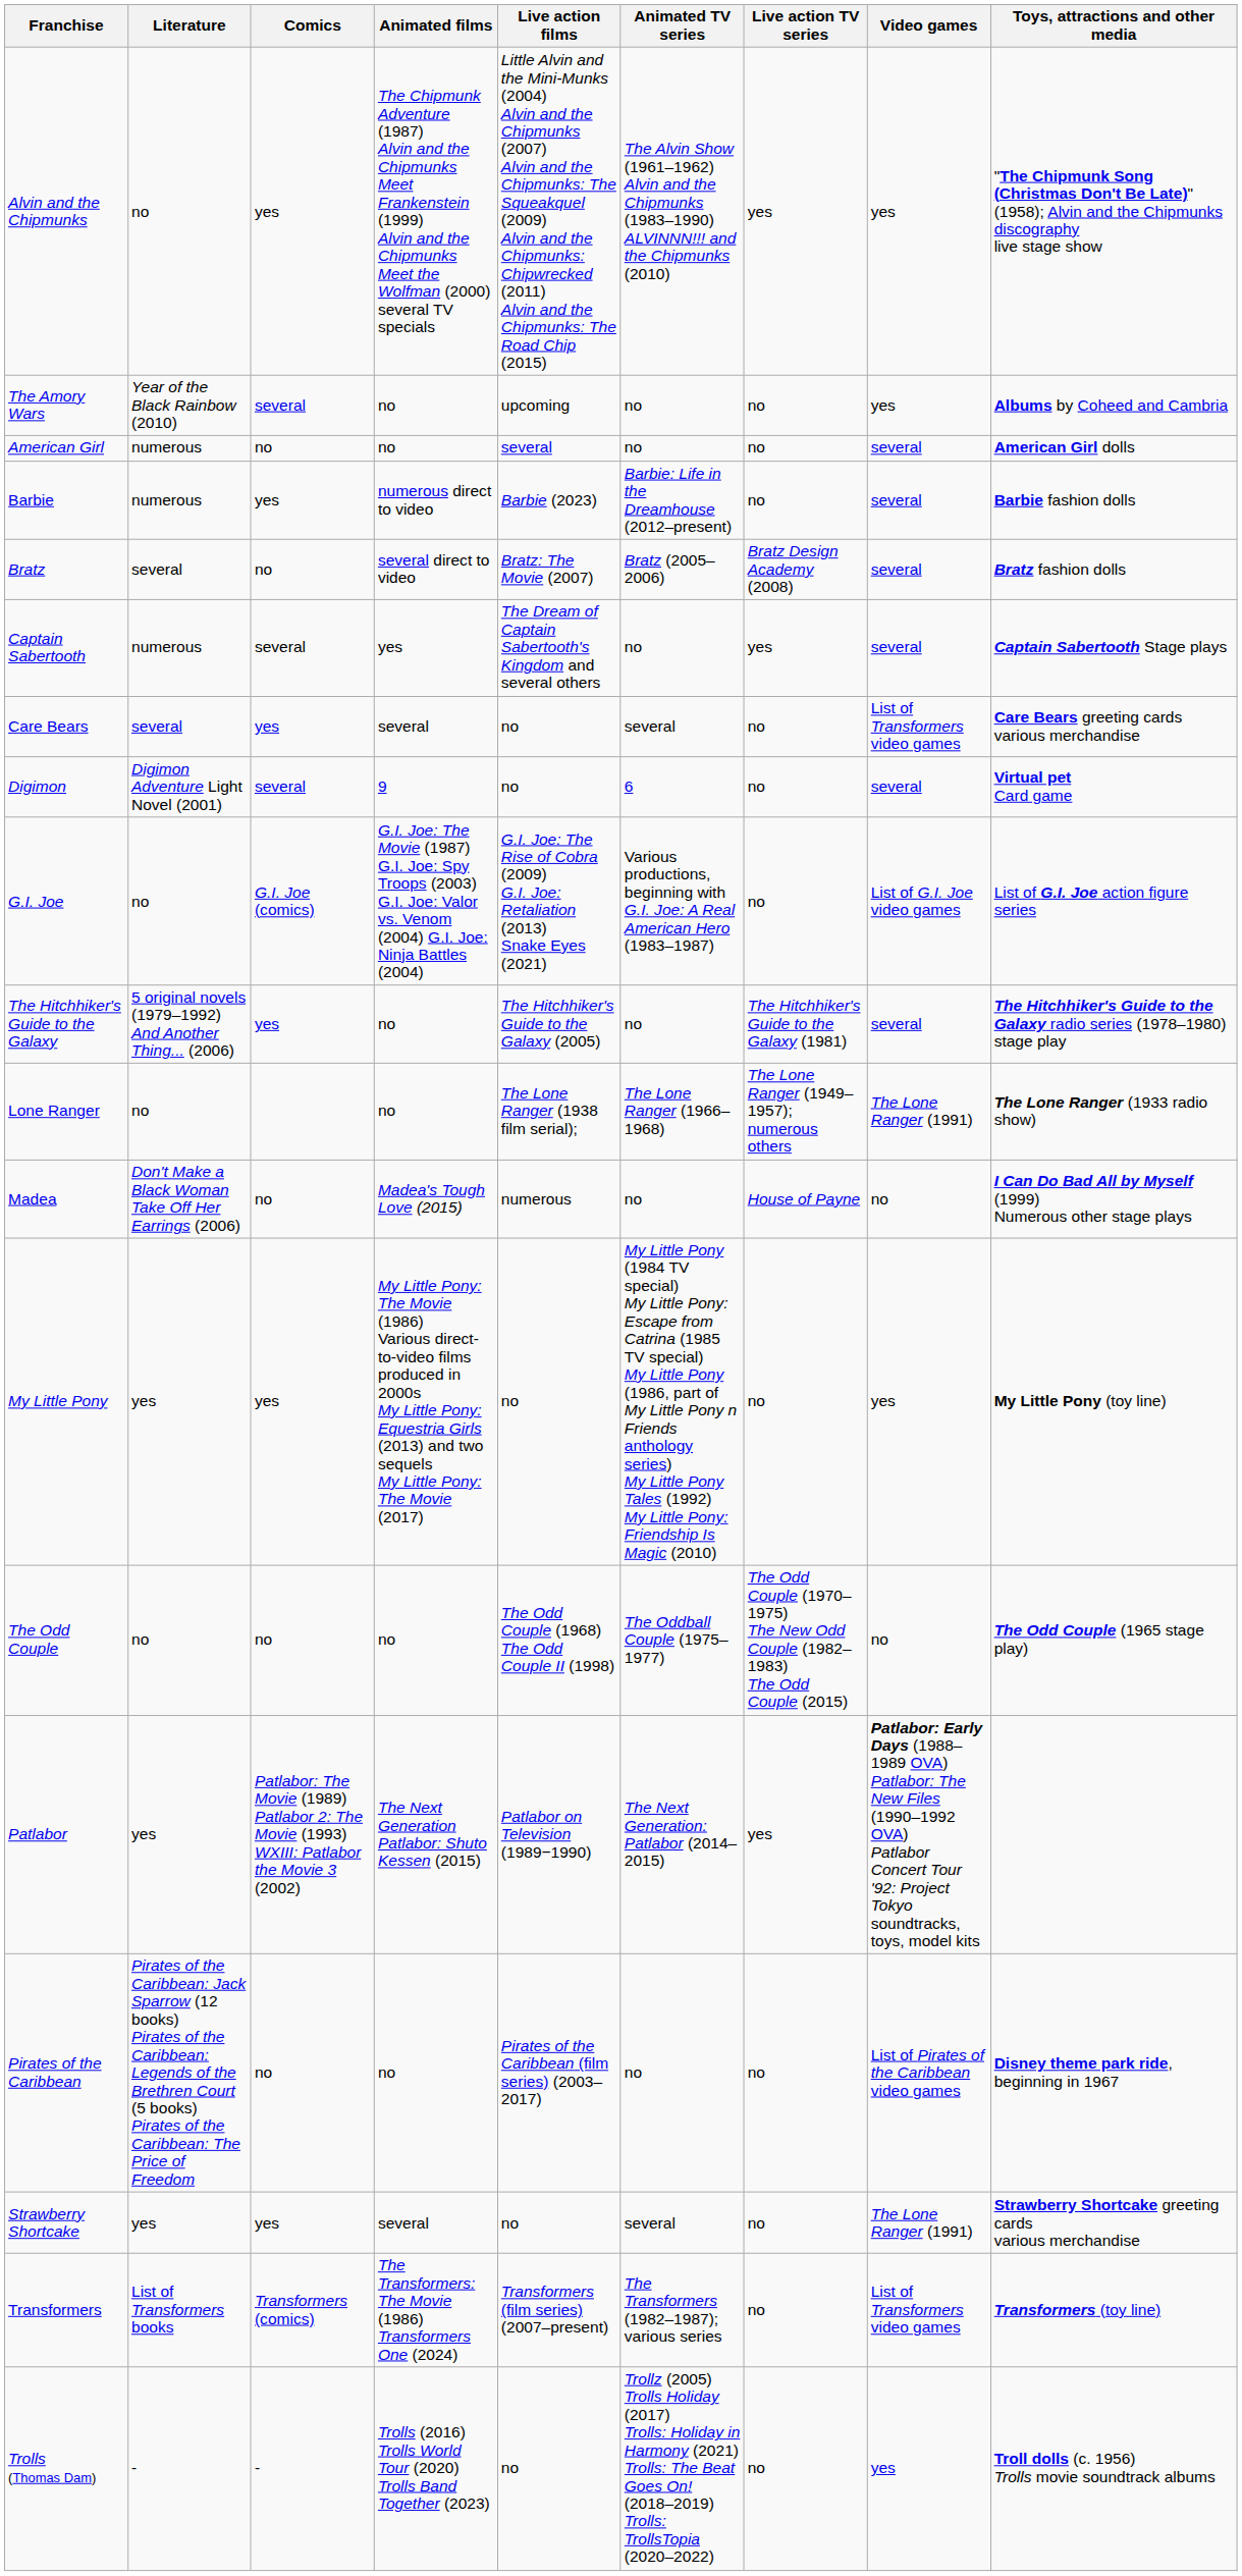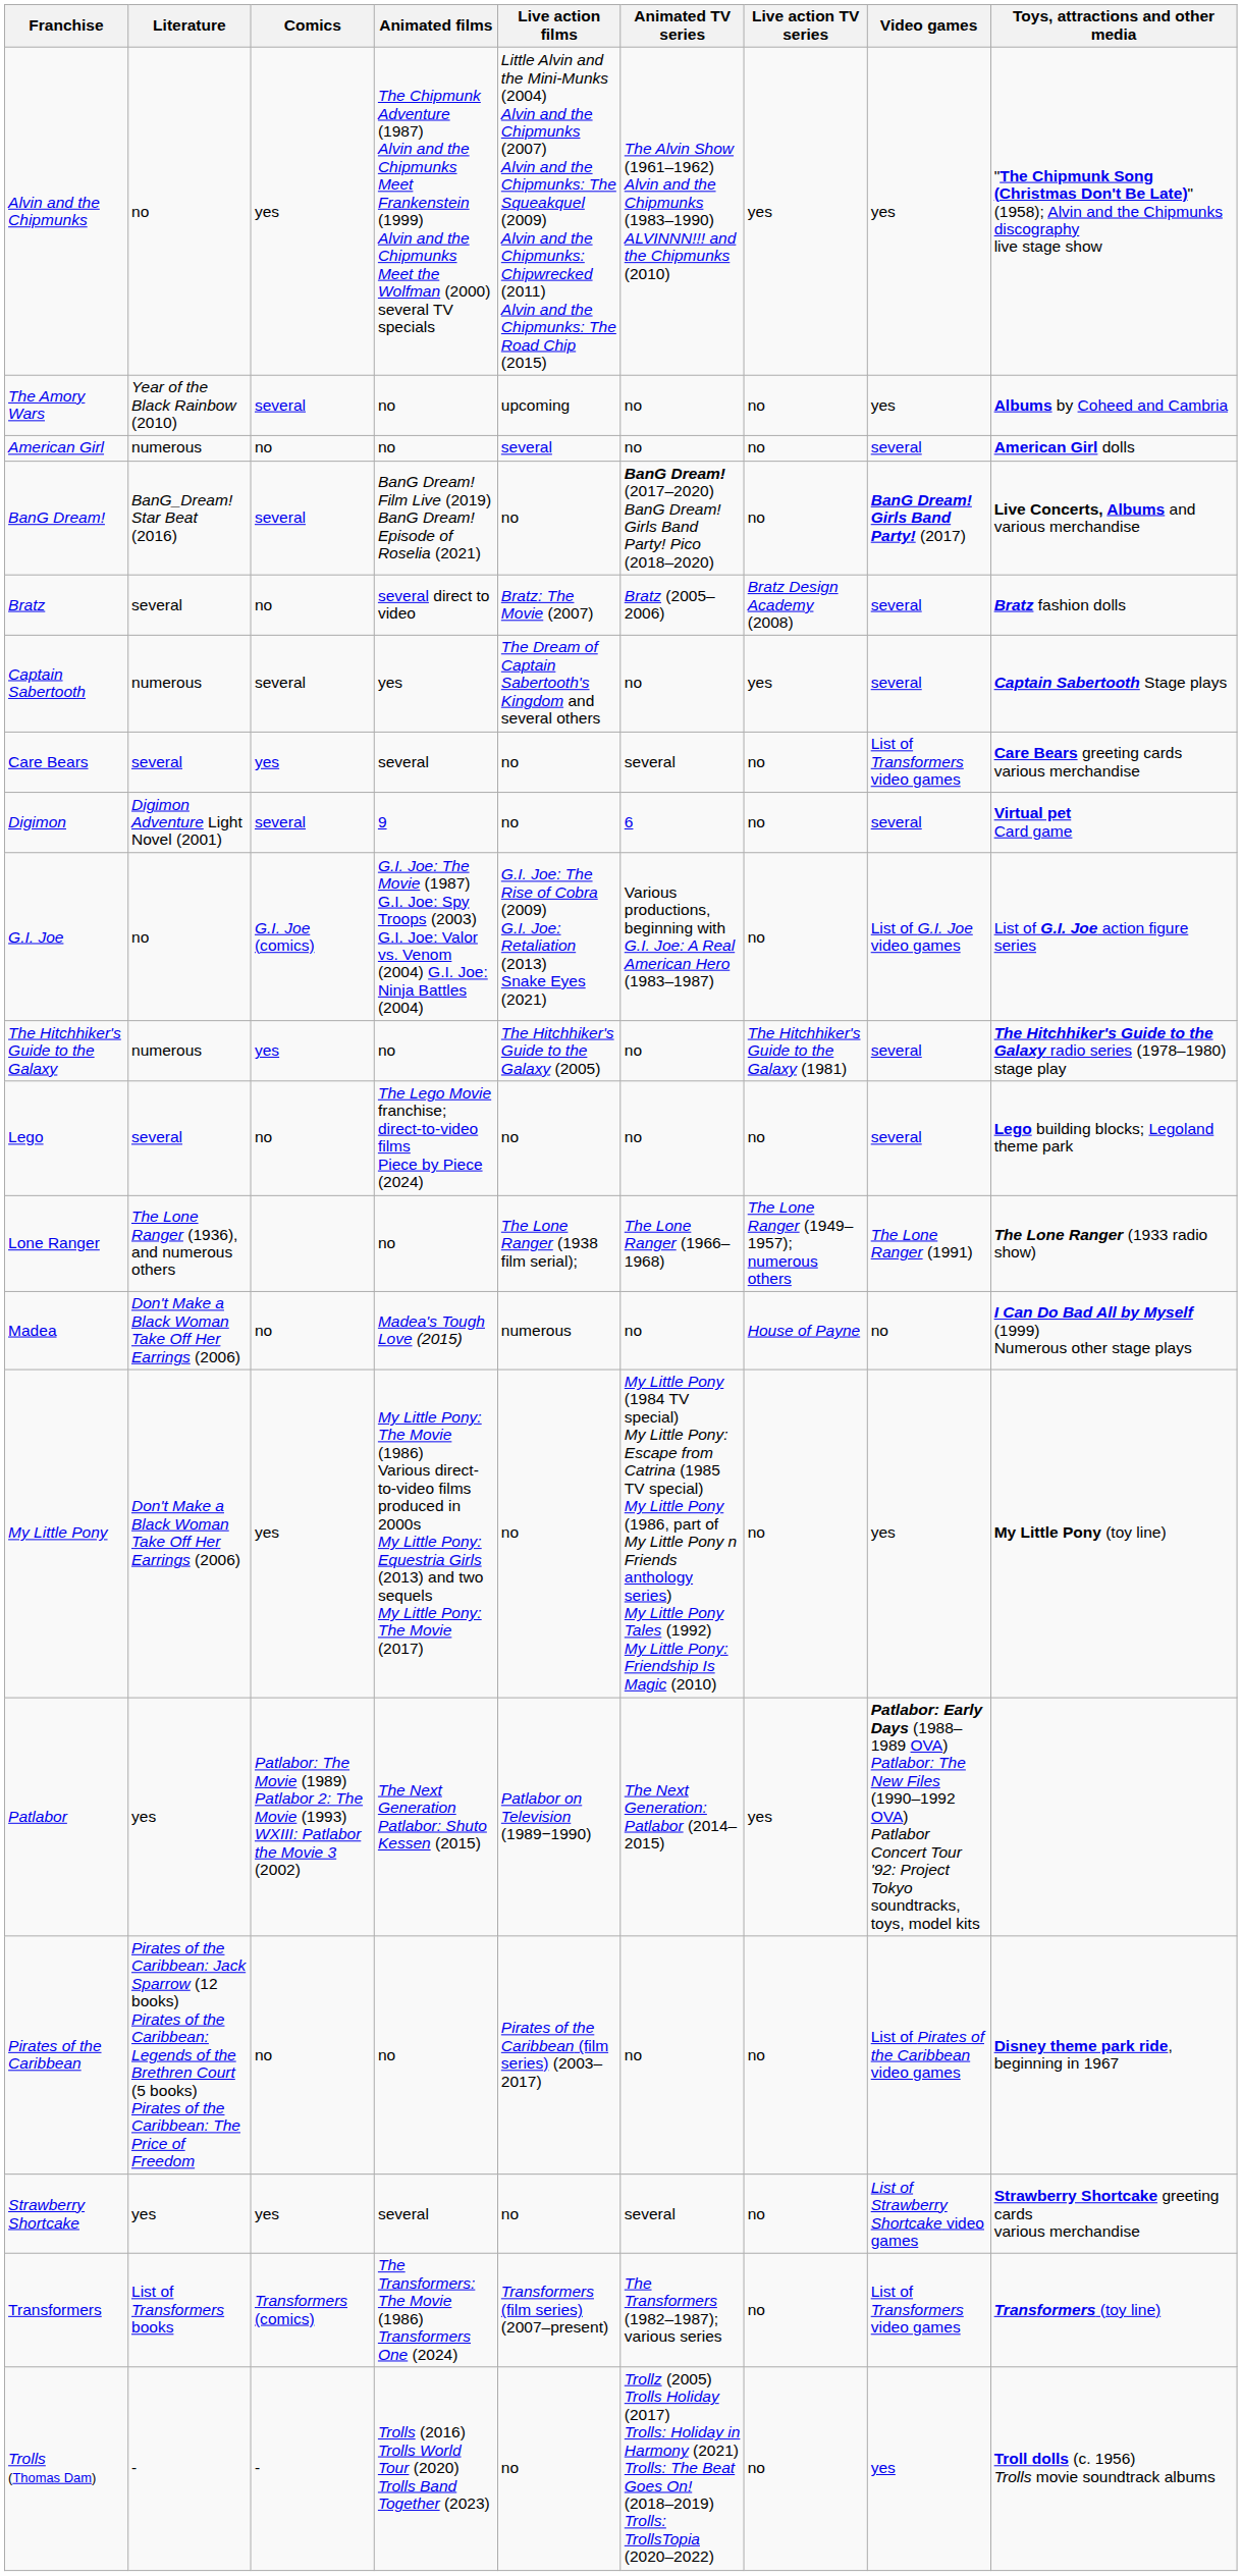 <table class="wikitable sortable plainrowheaders">
 <tr>
 <th scope="col" style="width:10%;">Franchise <br> </th>
 <th scope="col" style="width:10%;">Literature</th>
 <th scope="col" style="width:10%;">Comics</th>
 <th scope="col" style="width:10%;">Animated films</th>
 <th scope="col" style="width:10%;">Live action films</th>
 <th scope="col" style="width:10%;">Animated TV series</th>
 <th scope="col" style="width:10%;">Live action TV series</th>
 <th scope="col" style="width:10%;">Video games</th>
 <th scope="col" style="width:20%;">Toys, attractions and other media</th>
 </tr>
 <tr>
 <td scope="row"><em><a href='#'>Alvin and the Chipmunks</a></em> <br> </td>
 <td>no</td>
 <td>yes</td>
 <td><em><a href='#'>The Chipmunk Adventure</a></em> (1987) <br> <em><a href='#'>Alvin and the Chipmunks Meet Frankenstein</a></em> (1999) <br> <em><a href='#'>Alvin and the Chipmunks Meet the Wolfman</a></em> (2000) <br> several TV specials</td>
 <td><em>Little Alvin and the Mini-Munks</em> (2004) <br> <em><a href='#'>Alvin and the Chipmunks</a></em> (2007) <br> <em><a href='#'>Alvin and the Chipmunks: The Squeakquel</a></em> (2009) <br> <em><a href='#'>Alvin and the Chipmunks: Chipwrecked</a></em> (2011) <br> <em><a href='#'>Alvin and the Chipmunks: The Road Chip</a></em> (2015)</td>
 <td><em><a href='#'>The Alvin Show</a></em> (1961–1962) <br> <em><a href='#'>Alvin and the Chipmunks</a></em> (1983–1990) <br> <em><a href='#'>ALVINNN!!! and the Chipmunks</a></em> (2010)</td>
 <td>yes</td>
 <td>yes</td>
 <td>"<strong><a href='#'>The Chipmunk Song (Christmas Don't Be Late)</a></strong>" (1958); <a href='#'>Alvin and the Chipmunks discography</a> <br> live stage show</td>
 </tr>
 <tr>
 <td scope="row"><em><a href='#'>The Amory Wars</a></em> <br> </td>
 <td><em>Year of the Black Rainbow</em> (2010)</td>
 <td><a href='#'>several</a></td>
 <td>no</td>
 <td>upcoming</td>
 <td>no</td>
 <td>no</td>
 <td>yes</td>
 <td><strong><a href='#'>Albums</a></strong> by <a href='#'>Coheed and Cambria</a></td>
 </tr>
 <tr>
 <td scope="row"><em><a href='#'>American Girl</a></em> <br> </td>
 <td>numerous</td>
 <td>no</td>
 <td>no</td>
 <td><a href='#'>several</a></td>
 <td>no</td>
 <td>no</td>
 <td><a href='#'>several</a></td>
 <td><strong><a href='#'>American Girl</a></strong> dolls</td>
 </tr>
 <tr>
-<td scope="row"><a href='#'>Barbie</a> <br> </td>
-<td>numerous</td>
-<td>yes</td>
-<td><a href='#'>numerous</a> direct to video</td>
-<td><em><a href='#'>Barbie</a></em> (2023)</td>
-<td><em><a href='#'>Barbie: Life in the Dreamhouse</a></em> (2012–present)</td>
+<td scope="row"><em><a href='#'>BanG Dream!</a></em> <br> </td>
+<td><em>BanG_Dream! Star Beat</em> (2016)</td>
+<td><a href='#'>several</a></td>
+<td><em>BanG Dream! Film Live</em> (2019) <br> <em>BanG Dream! Episode of Roselia</em> (2021)</td>
 <td>no</td>
-<td><a href='#'>several</a></td>
-<td><strong><a href='#'>Barbie</a></strong> fashion dolls</td>
+<td><strong><em>BanG Dream!</em></strong> (2017–2020) <br> <em>BanG Dream! Girls Band Party! Pico</em> (2018–2020)</td>
+<td>no</td>
+<td><strong><em><a href='#'>BanG Dream! Girls Band Party!</a></em></strong> (2017)</td>
+<td><strong>Live Concerts, <a href='#'>Albums</a></strong> and various merchandise</td>
 </tr>
 <tr>
 <td scope="row"><em><a href='#'>Bratz</a></em> <br> </td>
 <td>several</td>
 <td>no</td>
 <td><a href='#'>several</a> direct to video</td>
 <td><em><a href='#'>Bratz: The Movie</a></em> (2007)</td>
 <td><em><a href='#'>Bratz</a></em> (2005–2006)</td>
 <td><em><a href='#'>Bratz Design Academy</a></em> (2008)</td>
 <td><a href='#'>several</a></td>
 <td><strong><em><a href='#'>Bratz</a></em></strong> fashion dolls</td>
 </tr>
 <tr>
 <td scope="row"><em><a href='#'>Captain Sabertooth</a></em> <br> </td>
 <td>numerous</td>
 <td>several</td>
 <td>yes</td>
 <td><em><a href='#'>The Dream of Captain Sabertooth's Kingdom</a></em> and several others</td>
 <td>no</td>
 <td>yes</td>
 <td><a href='#'>several</a></td>
 <td><strong><em><a href='#'>Captain Sabertooth</a></em></strong> Stage plays</td>
 </tr>
 <tr>
 <td scope="row"><a href='#'>Care Bears</a> <br> </td>
 <td><a href='#'>several</a></td>
 <td><a href='#'>yes</a></td>
 <td>several</td>
 <td>no</td>
 <td>several</td>
 <td>no</td>
 <td><a href='#'>List of <em>Transformers</em> video games</a></td>
 <td><strong><a href='#'>Care Bears</a></strong> greeting cards <br> various merchandise</td>
 </tr>
 <tr>
 <td scope="row"><em><a href='#'>Digimon</a></em> <br> </td>
 <td><em><a href='#'>Digimon Adventure</a></em> Light Novel (2001)</td>
 <td><a href='#'>several</a></td>
 <td><a href='#'>9</a></td>
 <td>no</td>
 <td><a href='#'>6</a></td>
 <td>no</td>
 <td><a href='#'>several</a></td>
 <td><strong><a href='#'>Virtual pet</a></strong> <br> <a href='#'>Card game</a></td>
 </tr>
 <tr>
 <td scope="row"><em><a href='#'>G.I. Joe</a></em> <br> </td>
 <td>no</td>
 <td><a href='#'><em>G.I. Joe</em> (comics)</a></td>
 <td><em><a href='#'>G.I. Joe: The Movie</a></em> (1987)<br><a href='#'>G.I. Joe: Spy Troops</a> (2003) <a href='#'>G.I. Joe: Valor vs. Venom</a> (2004) <a href='#'>G.I. Joe: Ninja Battles</a> (2004)</td>
 <td><em><a href='#'>G.I. Joe: The Rise of Cobra</a></em> (2009) <br> <em><a href='#'>G.I. Joe: Retaliation</a></em> (2013)<br><a href='#'>Snake Eyes</a> (2021)</td>
 <td>Various productions, beginning with <em><a href='#'>G.I. Joe: A Real American Hero</a></em> (1983–1987)</td>
 <td>no</td>
 <td><a href='#'>List of <em>G.I. Joe</em> video games</a></td>
 <td><a href='#'>List of <strong><em>G.I. Joe</em></strong> action figure series</a></td>
 </tr>
 <tr>
 <td scope="row"><em><a href='#'>The Hitchhiker's Guide to the Galaxy</a></em> <br> </td>
-<td><a href='#'>5 original novels</a> (1979–1992) <br> <em><a href='#'>And Another Thing...</a></em> (2006)</td>
+<td>numerous</td>
 <td><a href='#'>yes</a></td>
 <td>no</td>
 <td><em><a href='#'>The Hitchhiker's Guide to the Galaxy</a></em> (2005)</td>
 <td>no</td>
 <td><em><a href='#'>The Hitchhiker's Guide to the Galaxy</a></em> (1981)</td>
 <td><a href='#'>several</a></td>
 <td><a href='#'><strong><em>The Hitchhiker's Guide to the Galaxy</em></strong> radio series</a> (1978–1980) <br> stage play</td>
 </tr>
 <tr>
+<td scope="row"><a href='#'>Lego</a> <br> </td>
+<td><a href='#'>several</a></td>
+<td>no</td>
+<td><em><a href='#'>The Lego Movie</a></em> franchise; <a href='#'>direct-to-video films</a><br><a href='#'>Piece by Piece</a> (2024)</td>
+<td>no</td>
+<td>no</td>
+<td>no</td>
+<td><a href='#'>several</a></td>
+<td><strong><a href='#'>Lego</a></strong> building blocks; <a href='#'>Legoland</a> theme park</td>
+</tr>
+<tr>
 <td scope="row"><a href='#'>Lone Ranger</a> <br> </td>
-<td>no</td>
+<td><em><a href='#'>The Lone Ranger</a></em> (1936), and numerous others</td>
 <td></td>
 <td>no</td>
 <td><em><a href='#'>The Lone Ranger</a></em> (1938 film serial);</td>
 <td><em><a href='#'>The Lone Ranger</a></em> (1966–1968)</td>
 <td><em><a href='#'>The Lone Ranger</a></em> (1949–1957); <a href='#'>numerous others</a></td>
 <td><em><a href='#'>The Lone Ranger</a></em> (1991)</td>
 <td><strong><em>The Lone Ranger</em></strong> (1933 radio show)</td>
 </tr>
 <tr>
 <td scope="row"><a href='#'>Madea</a> <br> </td>
 <td><em><a href='#'>Don't Make a Black Woman Take Off Her Earrings</a></em> (2006)</td>
 <td>no</td>
 <td><em><a href='#'>Madea's Tough Love</a> (2015)</em></td>
 <td>numerous</td>
 <td>no</td>
 <td><em><a href='#'>House of Payne</a></em></td>
 <td>no</td>
 <td><strong><em><a href='#'>I Can Do Bad All by Myself</a></em></strong> (1999) <br> Numerous other stage plays</td>
 </tr>
 <tr>
 <td scope="row"><em><a href='#'>My Little Pony</a></em> <br> </td>
-<td>yes</td>
+<td><em><a href='#'>Don't Make a Black Woman Take Off Her Earrings</a></em> (2006)</td>
 <td>yes</td>
 <td><em><a href='#'>My Little Pony: The Movie</a></em> (1986) <br> Various direct-to-video films produced in 2000s <br> <em><a href='#'>My Little Pony: Equestria Girls</a></em> (2013) and two sequels <br> <em> <a href='#'>My Little Pony: The Movie</a></em> (2017)</td>
 <td>no</td>
 <td><em><a href='#'>My Little Pony</a></em> (1984 TV special) <br> <em>My Little Pony: Escape from Catrina</em> (1985 TV special) <br> <em><a href='#'>My Little Pony</a></em> (1986, part of <em>My Little Pony n Friends</em> <a href='#'>anthology series</a>) <br> <em><a href='#'>My Little Pony Tales</a></em> (1992) <br> <em><a href='#'>My Little Pony: Friendship Is Magic</a></em> (2010)</td>
 <td>no</td>
 <td>yes</td>
 <td><strong>My Little Pony</strong> (toy line)</td>
-</tr>
-<tr>
-<td scope="row"><em><a href='#'>The Odd Couple</a></em> <br> </td>
-<td>no</td>
-<td>no</td>
-<td>no</td>
-<td><em><a href='#'>The Odd Couple</a></em> (1968) <br> <em><a href='#'>The Odd Couple II</a></em> (1998)</td>
-<td><em><a href='#'>The Oddball Couple</a></em> (1975–1977)</td>
-<td><em><a href='#'>The Odd Couple</a></em> (1970–1975) <br> <em><a href='#'>The New Odd Couple</a></em> (1982–1983) <br> <em><a href='#'>The Odd Couple</a></em> (2015)</td>
-<td>no</td>
-<td><strong><em><a href='#'>The Odd Couple</a></em></strong> (1965 stage play)</td>
 </tr>
 <tr>
 <td scope="row"><em><a href='#'>Patlabor</a></em> <br> </td>
 <td>yes</td>
 <td><em><a href='#'>Patlabor: The Movie</a></em> (1989) <br> <em><a href='#'>Patlabor 2: The Movie</a></em> (1993) <br> <em><a href='#'>WXIII: Patlabor the Movie 3</a></em> (2002)</td>
 <td><em><a href='#'>The Next Generation Patlabor: Shuto Kessen</a></em> (2015)</td>
 <td><em><a href='#'>Patlabor on Television</a></em> (1989−1990)</td>
 <td><em><a href='#'>The Next Generation: Patlabor</a></em> (2014–2015)</td>
 <td>yes</td>
 <td><strong><em>Patlabor: Early Days</em></strong> (1988–1989 <a href='#'>OVA</a>) <br> <em><a href='#'>Patlabor: The New Files</a></em> (1990–1992 <a href='#'>OVA</a>) <br> <em>Patlabor Concert Tour '92: Project Tokyo</em> <br> soundtracks, toys, model kits</td>
 </tr>
 <tr>
 <td scope="row"><em><a href='#'>Pirates of the Caribbean</a></em> <br> </td>
 <td><em><a href='#'>Pirates of the Caribbean: Jack Sparrow</a></em> (12 books) <br> <em><a href='#'>Pirates of the Caribbean: Legends of the Brethren Court</a></em> (5 books) <br> <em><a href='#'>Pirates of the Caribbean: The Price of Freedom</a></em></td>
 <td>no</td>
 <td>no</td>
 <td><a href='#'><em>Pirates of the Caribbean</em> (film series)</a> (2003–2017)</td>
 <td>no</td>
 <td>no</td>
 <td><a href='#'>List of <em>Pirates of the Caribbean</em> video games</a></td>
 <td><strong><a href='#'>Disney theme park ride</a></strong>, beginning in 1967</td>
 </tr>
 <tr>
 <td scope="row"><em><a href='#'>Strawberry Shortcake</a></em> <br> </td>
 <td>yes</td>
 <td>yes</td>
 <td>several</td>
 <td>no</td>
 <td>several</td>
 <td>no</td>
-<td><em><a href='#'>The Lone Ranger</a></em> (1991)</td>
+<td><a href='#'><em>List of Strawberry Shortcake</em> video games</a></td>
 <td><strong><a href='#'>Strawberry Shortcake</a></strong> greeting cards <br> various merchandise</td>
 </tr>
 <tr>
 <td scope="row"><a href='#'>Transformers</a> <br> </td>
 <td><a href='#'>List of <em>Transformers</em> books</a></td>
 <td><a href='#'><em>Transformers</em> (comics)</a></td>
 <td><em><a href='#'>The Transformers: The Movie</a></em> (1986)<br><em><a href='#'>Transformers One</a></em> (2024)</td>
 <td><a href='#'><em>Transformers</em> (film series)</a> (2007–present)</td>
 <td><em><a href='#'>The Transformers</a></em> (1982–1987); various series</td>
 <td>no</td>
 <td><a href='#'>List of <em>Transformers</em> video games</a></td>
 <td><a href='#'><strong><em>Transformers</em></strong> (toy line)</a></td>
 </tr>
 <tr>
 <td><em><a href='#'>Trolls</a></em><br><small>(<a href='#'>Thomas Dam</a>)</small></td>
 <td>-</td>
 <td>-</td>
 <td><em><a href='#'>Trolls</a></em> (2016)<br><em><a href='#'>Trolls World Tour</a></em> (2020)<br><em><a href='#'>Trolls Band Together</a></em> (2023)</td>
 <td>no</td>
 <td><em><a href='#'>Trollz</a></em> (2005)<br><em><a href='#'>Trolls Holiday</a></em> (2017)<br><em><a href='#'>Trolls: Holiday in Harmony</a></em> (2021)<br><em><a href='#'>Trolls: The Beat Goes On!</a></em> (2018–2019)<br><em><a href='#'>Trolls: TrollsTopia</a></em> (2020–2022)</td>
 <td>no</td>
 <td><a href='#'>yes</a></td>
 <td><strong><a href='#'>Troll dolls</a></strong> (c. 1956)<br><em>Trolls</em> movie soundtrack albums</td>
 </tr>
 </table>
